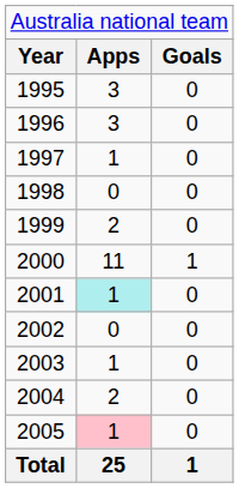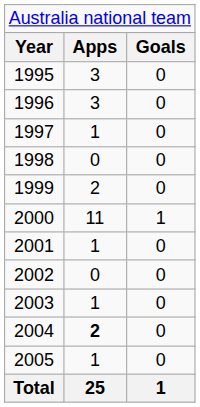 <table class="wikitable" style="text-align:center">
 <tr>
 <td colspan="3"><a href='#'>Australia national team</a></td>
 </tr>
 <tr>
 <th>Year</th>
 <th>Apps</th>
 <th>Goals</th>
 </tr>
 <tr>
 <td>1995</td>
 <td>3</td>
 <td>0</td>
 </tr>
 <tr>
 <td>1996</td>
 <td>3</td>
 <td>0</td>
 </tr>
 <tr>
 <td>1997</td>
 <td>1</td>
 <td>0</td>
 </tr>
 <tr>
 <td>1998</td>
 <td>0</td>
 <td>0</td>
 </tr>
 <tr>
 <td>1999</td>
 <td>2</td>
 <td>0</td>
 </tr>
 <tr>
 <td>2000</td>
 <td>11</td>
 <td>1</td>
 </tr>
 <tr>
 <td>2001</td>
-<td style="background: paleturquoise;">1</td>
+<td>1</td>
 <td>0</td>
 </tr>
 <tr>
 <td>2002</td>
 <td>0</td>
 <td>0</td>
 </tr>
 <tr>
 <td>2003</td>
 <td>1</td>
 <td>0</td>
 </tr>
 <tr>
 <td>2004</td>
-<td>2</td>
+<td><strong>2</strong></td>
 <td>0</td>
 </tr>
 <tr>
 <td>2005</td>
-<td style="background: pink;">1</td>
+<td>1</td>
 <td>0</td>
 </tr>
 <tr>
 <th>Total</th>
 <th>25</th>
 <th>1</th>
 </tr>
 </table>
